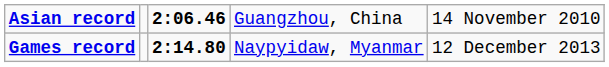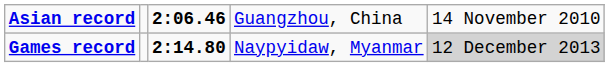 <table class="wikitable">
 <tr>
 <td><strong><a href='#'>Asian record</a></strong></td>
 <td></td>
 <td><strong>2:06.46</strong></td>
 <td><a href='#'>Guangzhou</a>, China</td>
 <td>14 November 2010</td>
 </tr>
 <tr>
 <td><strong><a href='#'>Games record</a></strong></td>
 <td></td>
 <td><strong>2:14.80</strong></td>
 <td><a href='#'>Naypyidaw</a>, <a href='#'>Myanmar</a></td>
-<td>12 December 2013</td>
+<td style="background: lightgrey;">12 December 2013</td>
 </tr>
 </table>
